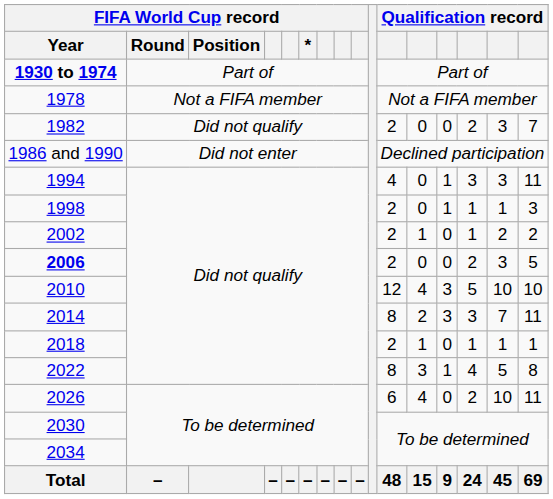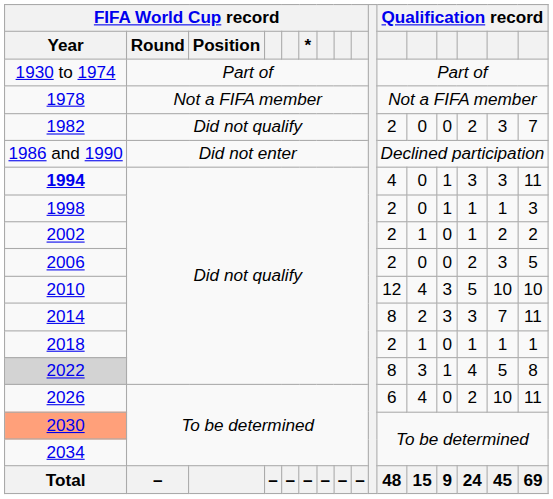 <table class="wikitable" style="text-align: center;">
 <tr>
 <th colspan=9><a href='#'>FIFA World Cup</a> record</th>
 <th rowspan=39></th>
 <th colspan=6><a href='#'>Qualification</a> record</th>
 </tr>
 <tr>
 <th>Year</th>
 <th>Round</th>
 <th>Position</th>
 <th></th>
 <th></th>
 <th>*</th>
 <th></th>
 <th></th>
 <th></th>
 <th></th>
 <th></th>
 <th></th>
 <th></th>
 <th></th>
 <th></th>
 </tr>
 <tr>
-<td><strong><a href='#'>1930</a> to <a href='#'>1974</a></strong></td>
+<td><a href='#'>1930</a> to <a href='#'>1974</a></td>
 <td colspan=8><em>Part of </em></td>
 <td colspan=6><em>Part of </em></td>
 </tr>
 <tr>
 <td> <a href='#'>1978</a></td>
 <td colspan=8><em>Not a FIFA member</em></td>
 <td colspan=6><em>Not a FIFA member</em></td>
 </tr>
 <tr>
 <td> <a href='#'>1982</a></td>
 <td colspan=8><em>Did not qualify</em></td>
 <td>2</td>
 <td>0</td>
 <td>0</td>
 <td>2</td>
 <td>3</td>
 <td>7</td>
 </tr>
 <tr>
 <td><a href='#'>1986</a> and <a href='#'>1990</a></td>
 <td colspan=8><em>Did not enter</em></td>
 <td colspan=6><em>Declined participation</em></td>
 </tr>
 <tr>
-<td> <a href='#'>1994</a></td>
+<td><strong> <a href='#'>1994</a></strong></td>
 <td colspan=8 rowspan=8><em>Did not qualify</em></td>
 <td>4</td>
 <td>0</td>
 <td>1</td>
 <td>3</td>
 <td>3</td>
 <td>11</td>
 </tr>
 <tr>
 <td> <a href='#'>1998</a></td>
 <td>2</td>
 <td>0</td>
 <td>1</td>
 <td>1</td>
 <td>1</td>
 <td>3</td>
 </tr>
 <tr>
 <td>  <a href='#'>2002</a></td>
 <td>2</td>
 <td>1</td>
 <td>0</td>
 <td>1</td>
 <td>2</td>
 <td>2</td>
 </tr>
 <tr>
-<td><strong> <a href='#'>2006</a></strong></td>
+<td> <a href='#'>2006</a></td>
 <td>2</td>
 <td>0</td>
 <td>0</td>
 <td>2</td>
 <td>3</td>
 <td>5</td>
 </tr>
 <tr>
 <td> <a href='#'>2010</a></td>
 <td>12</td>
 <td>4</td>
 <td>3</td>
 <td>5</td>
 <td>10</td>
 <td>10</td>
 </tr>
 <tr>
 <td> <a href='#'>2014</a></td>
 <td>8</td>
 <td>2</td>
 <td>3</td>
 <td>3</td>
 <td>7</td>
 <td>11</td>
 </tr>
 <tr>
 <td> <a href='#'>2018</a></td>
 <td>2</td>
 <td>1</td>
 <td>0</td>
 <td>1</td>
 <td>1</td>
 <td>1</td>
 </tr>
 <tr>
-<td> <a href='#'>2022</a></td>
+<td style="background: lightgrey;"> <a href='#'>2022</a></td>
 <td>8</td>
 <td>3</td>
 <td>1</td>
 <td>4</td>
 <td>5</td>
 <td>8</td>
 </tr>
 <tr>
 <td>   <a href='#'>2026</a></td>
 <td colspan=8 rowspan=3><em>To be determined</em></td>
 <td>6</td>
 <td>4</td>
 <td>0</td>
 <td>2</td>
 <td>10</td>
 <td>11</td>
 </tr>
 <tr>
-<td>   <a href='#'>2030</a></td>
+<td style="background: lightsalmon;">   <a href='#'>2030</a></td>
 <td colspan=6 rowspan=2><em>To be determined</em></td>
 </tr>
 <tr>
 <td> <a href='#'>2034</a></td>
 </tr>
 <tr>
 <th>Total</th>
 <th>–</th>
 <th></th>
 <th>–</th>
 <th>–</th>
 <th>–</th>
 <th>–</th>
 <th>–</th>
 <th>–</th>
 <th>48</th>
 <th>15</th>
 <th>9</th>
 <th>24</th>
 <th>45</th>
 <th>69</th>
 </tr>
 </table>
